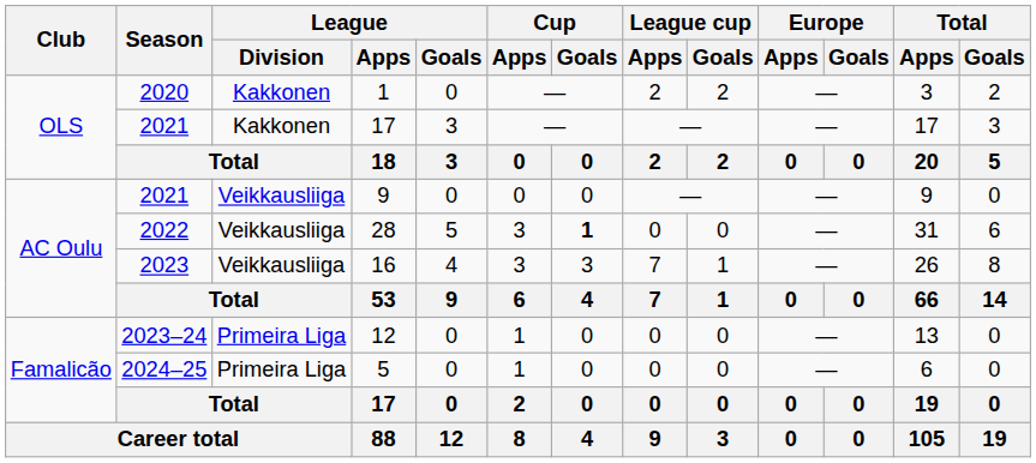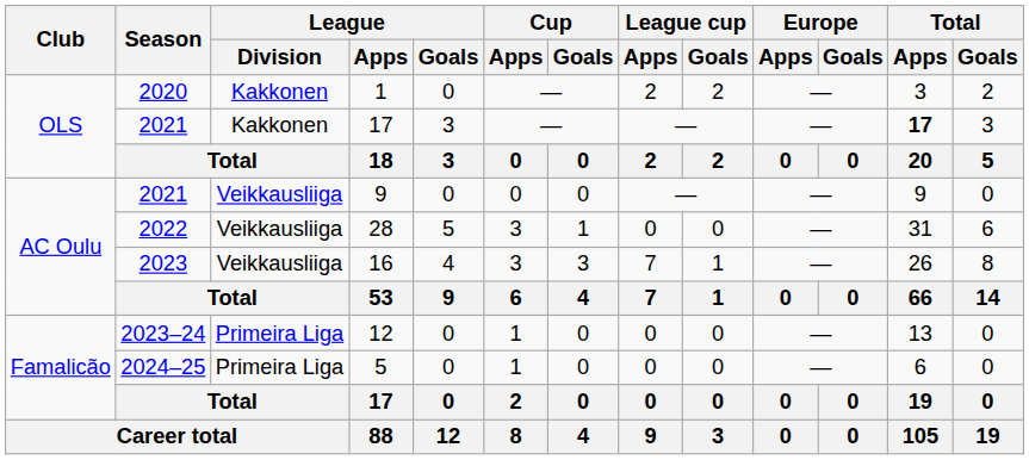 <table class="wikitable" style="text-align:center">
 <tr>
 <th rowspan="2">Club</th>
 <th rowspan="2">Season</th>
 <th colspan="3">League</th>
 <th colspan="2">Cup</th>
 <th colspan="2">League cup</th>
 <th colspan="2">Europe</th>
 <th colspan="2">Total</th>
 </tr>
 <tr>
 <th>Division</th>
 <th>Apps</th>
 <th>Goals</th>
 <th>Apps</th>
 <th>Goals</th>
 <th>Apps</th>
 <th>Goals</th>
 <th>Apps</th>
 <th>Goals</th>
 <th>Apps</th>
 <th>Goals</th>
 </tr>
 <tr>
 <td rowspan="3"><a href='#'>OLS</a></td>
 <td><a href='#'>2020</a></td>
 <td><a href='#'>Kakkonen</a></td>
 <td>1</td>
 <td>0</td>
 <td colspan="2">—</td>
 <td>2</td>
 <td>2</td>
 <td colspan="2">—</td>
 <td>3</td>
 <td>2</td>
 </tr>
 <tr>
 <td><a href='#'>2021</a></td>
 <td>Kakkonen</td>
 <td>17</td>
 <td>3</td>
 <td colspan="2">—</td>
 <td colspan="2">—</td>
 <td colspan="2">—</td>
-<td>17</td>
+<td><strong>17</strong></td>
 <td>3</td>
 </tr>
 <tr>
 <th colspan="2">Total</th>
 <th>18</th>
 <th>3</th>
 <th>0</th>
 <th>0</th>
 <th>2</th>
 <th>2</th>
 <th>0</th>
 <th>0</th>
 <th>20</th>
 <th>5</th>
 </tr>
 <tr>
 <td rowspan="4"><a href='#'>AC Oulu</a></td>
 <td><a href='#'>2021</a></td>
 <td><a href='#'>Veikkausliiga</a></td>
 <td>9</td>
 <td>0</td>
 <td>0</td>
 <td>0</td>
 <td colspan="2">—</td>
 <td colspan="2">—</td>
 <td>9</td>
 <td>0</td>
 </tr>
 <tr>
 <td><a href='#'>2022</a></td>
 <td>Veikkausliiga</td>
 <td>28</td>
 <td>5</td>
 <td>3</td>
-<td><strong>1</strong></td>
+<td>1</td>
 <td>0</td>
 <td>0</td>
 <td colspan="2">—</td>
 <td>31</td>
 <td>6</td>
 </tr>
 <tr>
 <td><a href='#'>2023</a></td>
 <td>Veikkausliiga</td>
 <td>16</td>
 <td>4</td>
 <td>3</td>
 <td>3</td>
 <td>7</td>
 <td>1</td>
 <td colspan="2">—</td>
 <td>26</td>
 <td>8</td>
 </tr>
 <tr>
 <th colspan="2">Total</th>
 <th>53</th>
 <th>9</th>
 <th>6</th>
 <th>4</th>
 <th>7</th>
 <th>1</th>
 <th>0</th>
 <th>0</th>
 <th>66</th>
 <th>14</th>
 </tr>
 <tr>
 <td rowspan=3><a href='#'>Famalicão</a></td>
 <td><a href='#'>2023–24</a></td>
 <td><a href='#'>Primeira Liga</a></td>
 <td>12</td>
 <td>0</td>
 <td>1</td>
 <td>0</td>
 <td>0</td>
 <td>0</td>
 <td colspan="2">—</td>
 <td>13</td>
 <td>0</td>
 </tr>
 <tr>
 <td><a href='#'>2024–25</a></td>
 <td>Primeira Liga</td>
 <td>5</td>
 <td>0</td>
 <td>1</td>
 <td>0</td>
 <td>0</td>
 <td>0</td>
 <td colspan="2">—</td>
 <td>6</td>
 <td>0</td>
 </tr>
 <tr>
 <th colspan="2">Total</th>
 <th>17</th>
 <th>0</th>
 <th>2</th>
 <th>0</th>
 <th>0</th>
 <th>0</th>
 <th>0</th>
 <th>0</th>
 <th>19</th>
 <th>0</th>
 </tr>
 <tr>
 <th colspan="3">Career total</th>
 <th>88</th>
 <th>12</th>
 <th>8</th>
 <th>4</th>
 <th>9</th>
 <th>3</th>
 <th>0</th>
 <th>0</th>
 <th>105</th>
 <th>19</th>
 </tr>
 </table>
